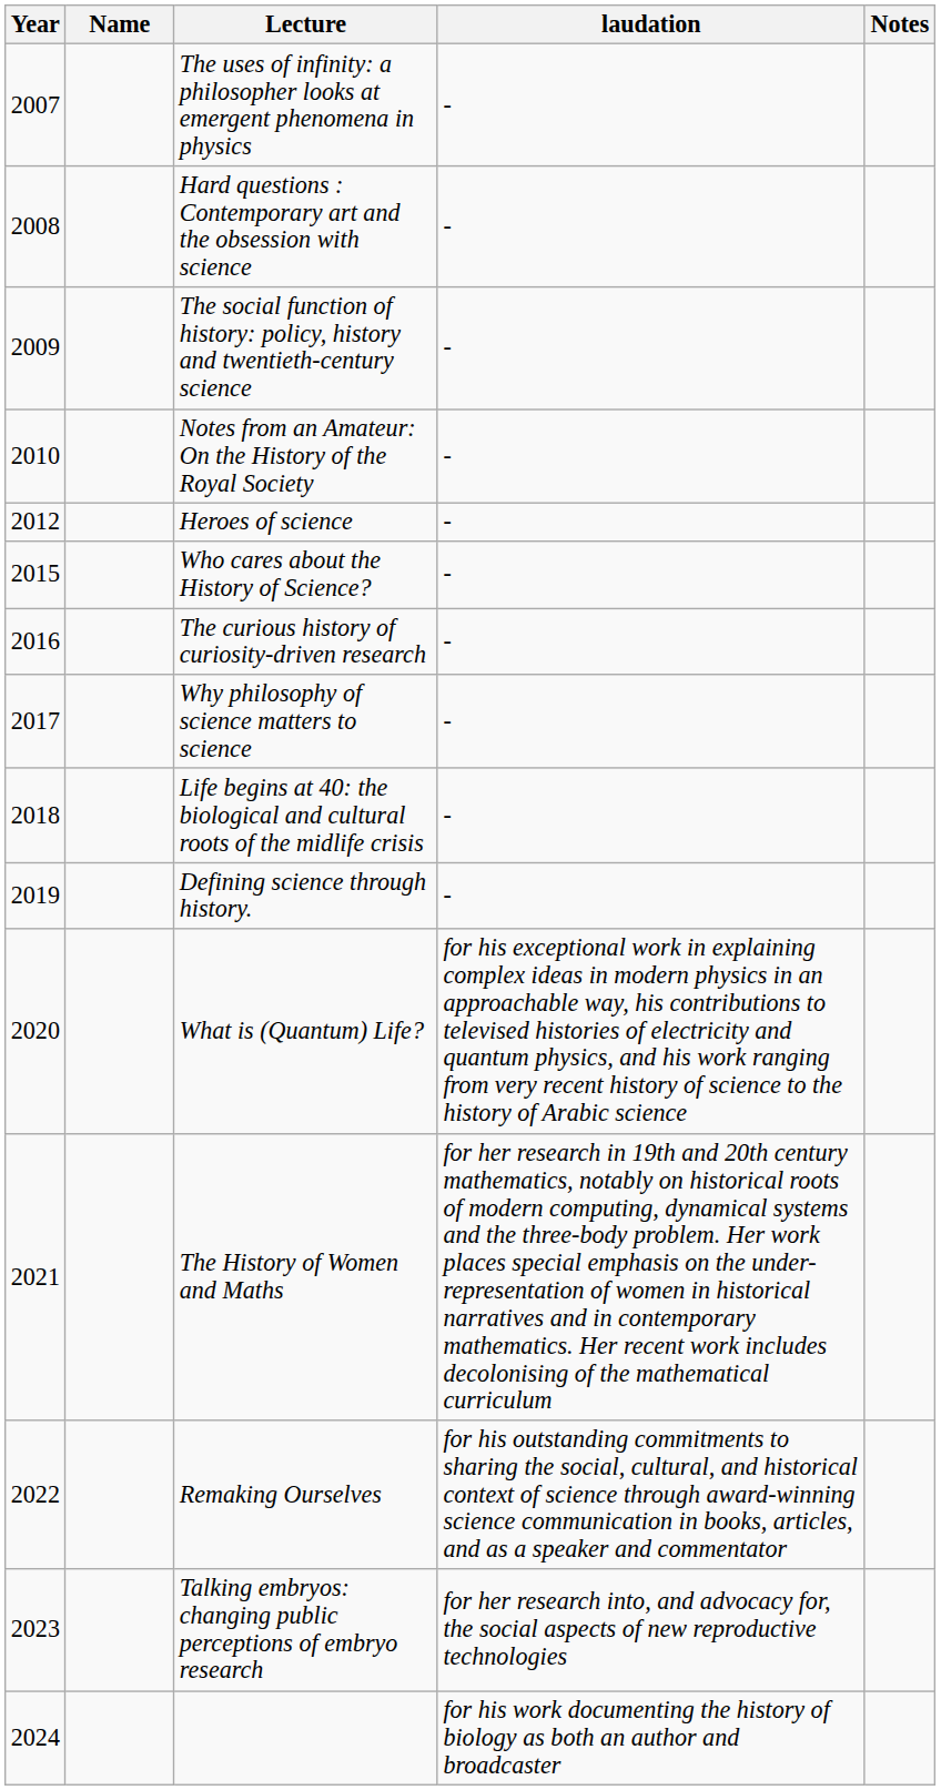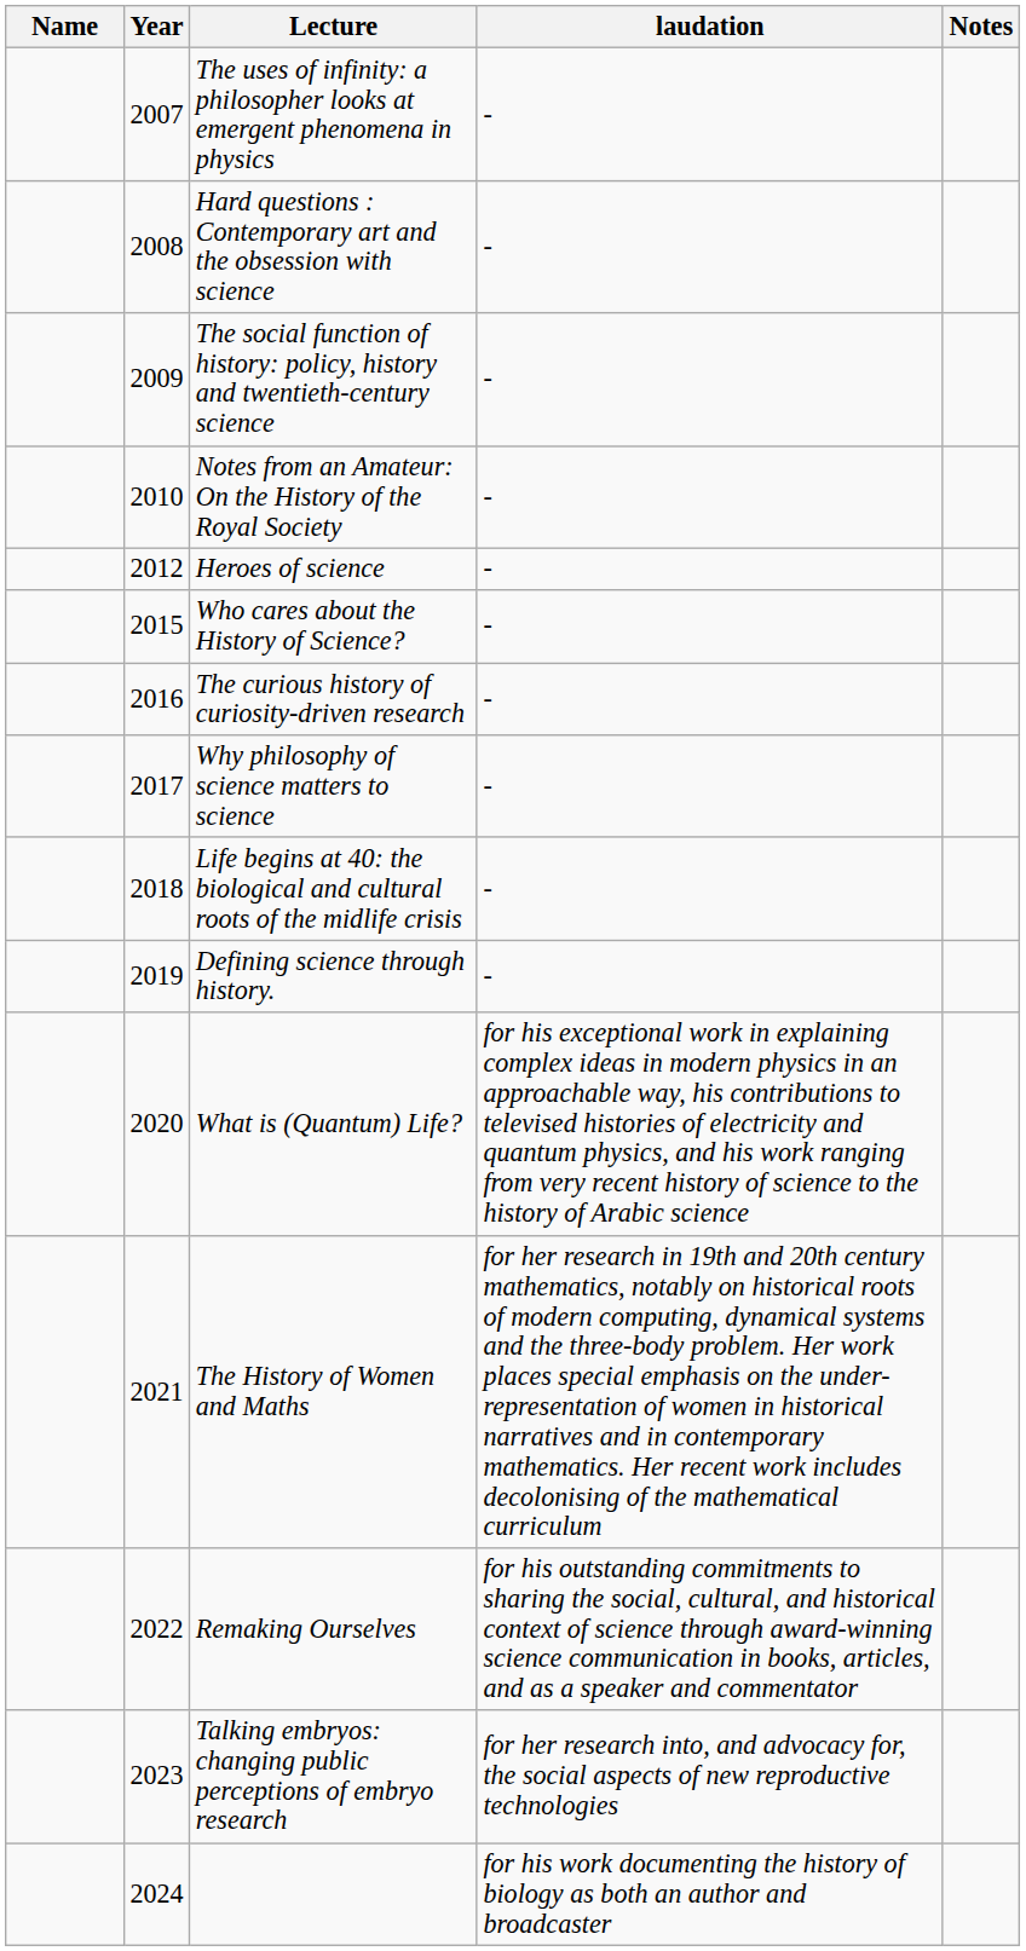 <table class="wikitable sortable" border="1" style="align:left;">
 <tr>
+<th width="500">Name</th>
 <th width="4">Year</th>
-<th width="500">Name</th>
 <th width="1500">Lecture</th>
 <th width="3500">laudation</th>
 <th width="1" class="unsortable">Notes</th>
 </tr>
 <tr>
+<td></td>
 <td>2007</td>
-<td></td>
 <td><em>The uses of infinity: a philosopher looks at emergent phenomena in physics</em></td>
 <td>-</td>
 <td align=center></td>
 </tr>
 <tr>
+<td></td>
 <td>2008</td>
-<td></td>
 <td><em>Hard questions : Contemporary art and the obsession with science</em></td>
 <td>-</td>
 <td align=center></td>
 </tr>
 <tr>
+<td></td>
 <td>2009</td>
-<td></td>
 <td><em>The social function of history: policy, history and twentieth-century science</em></td>
 <td>-</td>
 <td align=center></td>
 </tr>
 <tr>
+<td></td>
 <td>2010</td>
-<td></td>
 <td><em>Notes from an Amateur: On the History of the Royal Society</em></td>
 <td>-</td>
 <td align=center></td>
 </tr>
 <tr>
+<td></td>
 <td>2012</td>
-<td></td>
 <td><em>Heroes of science</em></td>
 <td>-</td>
 <td align=center></td>
 </tr>
 <tr>
+<td></td>
 <td>2015</td>
-<td></td>
 <td><em>Who cares about the History of Science?</em></td>
 <td>-</td>
 <td align=center></td>
 </tr>
 <tr>
+<td></td>
 <td>2016</td>
-<td></td>
 <td><em>The curious history of curiosity-driven research</em></td>
 <td>-</td>
 <td align=center></td>
 </tr>
 <tr>
+<td></td>
 <td>2017</td>
-<td></td>
 <td><em>Why philosophy of science matters to science</em></td>
 <td>-</td>
 <td align=center></td>
 </tr>
 <tr>
+<td></td>
 <td>2018</td>
-<td></td>
 <td><em>Life begins at 40: the biological and cultural roots of the midlife crisis</em></td>
 <td>-</td>
 <td align=center></td>
 </tr>
 <tr>
+<td></td>
 <td>2019</td>
-<td></td>
 <td><em>Defining science through history.</em></td>
 <td>-</td>
 <td align=center></td>
 </tr>
 <tr>
+<td></td>
 <td>2020</td>
-<td></td>
 <td><em>What is (Quantum) Life?</em></td>
 <td><em>for his exceptional work in explaining complex ideas in modern physics in an approachable way, his contributions to televised histories of electricity and quantum physics, and his work ranging from very recent history of science to the history of Arabic science</em></td>
 <td align=center></td>
 </tr>
 <tr>
+<td></td>
 <td>2021</td>
-<td></td>
 <td><em>The History of Women and Maths</em></td>
 <td><em>for her research in 19th and 20th century mathematics, notably on historical roots of modern computing, dynamical systems and the three-body problem. Her work places special emphasis on the under-representation of women in historical narratives and in contemporary mathematics. Her recent work includes decolonising of the mathematical curriculum</em></td>
 <td align=center></td>
 </tr>
 <tr>
+<td></td>
 <td>2022</td>
-<td></td>
 <td><em>Remaking Ourselves</em></td>
 <td><em>for his outstanding commitments to sharing the social, cultural, and historical context of science through award-winning science communication in books, articles, and as a speaker and commentator</em></td>
 <td align=center></td>
 </tr>
 <tr>
+<td></td>
 <td>2023</td>
-<td></td>
 <td><em>Talking embryos: changing public perceptions of embryo research</em></td>
 <td><em>for her research into, and advocacy for, the social aspects of new reproductive technologies</em></td>
 <td align=center></td>
 </tr>
 <tr>
+<td></td>
 <td>2024</td>
-<td></td>
 <td></td>
 <td><em>for his work documenting the history of biology as both an author and broadcaster</em></td>
 <td align=center></td>
 </tr>
 </table>
